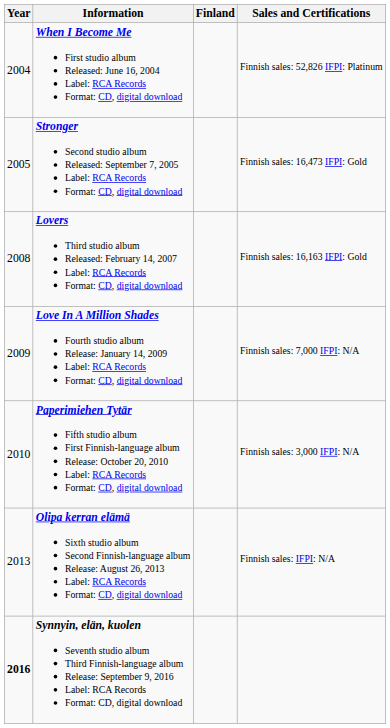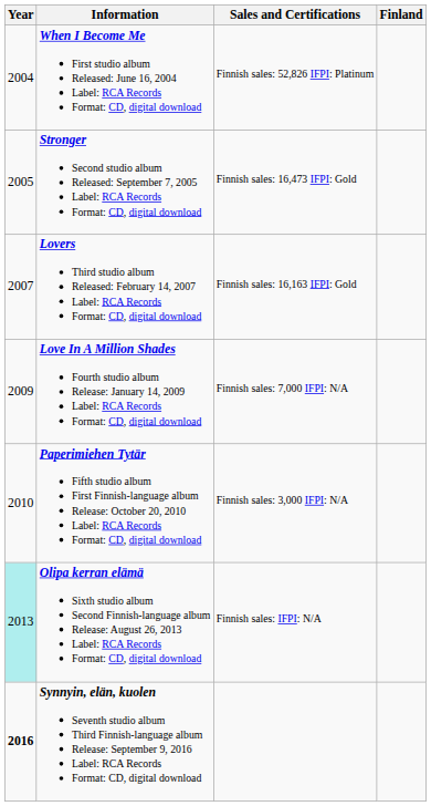 <table class="wikitable">
 <tr>
 <th style="text-align:center;">Year</th>
 <th style="text-align:center;">Information</th>
+<th style="text-align:center;">Sales and Certifications</th>
 <th style="text-align:center;">Finland</th>
-<th style="text-align:center;">Sales and Certifications</th>
 </tr>
 <tr>
 <td>2004</td>
 <td><strong><em><a href='#'>When I Become Me</a></em></strong><br><ul><li><small>First studio album</small></li><li><small>Released: June 16, 2004</small></li><li><small>Label: <a href='#'>RCA Records</a></small></li><li><small>Format: <a href='#'>CD</a>, <a href='#'>digital download</a></small></li></ul></td>
+<td><sup>Finnish sales: 52,826 <a href='#'>IFPI</a>: Platinum</sup></td>
 <td></td>
-<td><sup>Finnish sales: 52,826 <a href='#'>IFPI</a>: Platinum</sup></td>
 </tr>
 <tr>
 <td>2005</td>
 <td><strong><em><a href='#'>Stronger</a></em></strong><br><ul><li><small>Second studio album</small></li><li><small>Released: September 7, 2005</small></li><li><small>Label: <a href='#'>RCA Records</a></small></li><li><small>Format: <a href='#'>CD</a>, <a href='#'>digital download</a></small></li></ul></td>
+<td><sup>Finnish sales: 16,473 <a href='#'>IFPI</a>: Gold</sup></td>
 <td></td>
-<td><sup>Finnish sales: 16,473 <a href='#'>IFPI</a>: Gold</sup></td>
 </tr>
 <tr>
-<td>2008</td>
+<td>2007</td>
 <td><strong><em><a href='#'>Lovers</a></em></strong><br><ul><li><small>Third studio album</small></li><li><small>Released: February 14, 2007</small></li><li><small>Label: <a href='#'>RCA Records</a></small></li><li><small>Format: <a href='#'>CD</a>, <a href='#'>digital download</a></small></li></ul></td>
+<td><sup>Finnish sales: 16,163 <a href='#'>IFPI</a>: Gold</sup></td>
 <td></td>
-<td><sup>Finnish sales: 16,163 <a href='#'>IFPI</a>: Gold</sup></td>
 </tr>
 <tr>
 <td>2009</td>
 <td><strong><em><a href='#'>Love In A Million Shades</a></em></strong><br><ul><li><small>Fourth studio album</small></li><li><small>Release: January 14, 2009</small></li><li><small>Label: <a href='#'>RCA Records</a></small></li><li><small>Format: <a href='#'>CD</a>, <a href='#'>digital download</a></small></li></ul></td>
+<td><sup>Finnish sales: 7,000 <a href='#'>IFPI</a>: N/A</sup></td>
 <td></td>
-<td><sup>Finnish sales: 7,000 <a href='#'>IFPI</a>: N/A</sup></td>
 </tr>
 <tr>
 <td>2010</td>
 <td><strong><em><a href='#'>Paperimiehen Tytär</a></em></strong><br><ul><li><small>Fifth studio album</small></li><li><small>First Finnish-language album</small></li><li><small>Release: October 20, 2010</small></li><li><small>Label: <a href='#'>RCA Records</a></small></li><li><small>Format: <a href='#'>CD</a>, <a href='#'>digital download</a></small></li></ul></td>
+<td><sup>Finnish sales: 3,000 <a href='#'>IFPI</a>: N/A</sup></td>
 <td></td>
-<td><sup>Finnish sales: 3,000 <a href='#'>IFPI</a>: N/A</sup></td>
 </tr>
 <tr>
-<td>2013</td>
+<td style="background: paleturquoise;">2013</td>
 <td><strong><em><a href='#'>Olipa kerran elämä</a></em></strong><br><ul><li><small>Sixth studio album</small></li><li><small>Second Finnish-language album</small></li><li><small>Release: August 26, 2013</small></li><li><small>Label: <a href='#'>RCA Records</a></small></li><li><small>Format: <a href='#'>CD</a>, <a href='#'>digital download</a></small></li></ul></td>
+<td><sup>Finnish sales: <a href='#'>IFPI</a>: N/A</sup></td>
 <td></td>
-<td><sup>Finnish sales: <a href='#'>IFPI</a>: N/A</sup></td>
 </tr>
 <tr>
 <td><strong>2016</strong></td>
 <td><strong><em>Synnyin, elän, kuolen</em></strong><br><ul><li><small>Seventh studio album</small></li><li><small>Third Finnish-language album</small></li><li><small>Release: September 9, 2016</small></li><li><small>Label: RCA Records</small></li><li><small>Format: CD, digital download</small></li></ul></td>
 <td></td>
 <td></td>
 </tr>
 </table>
